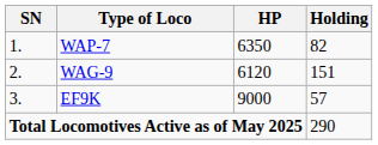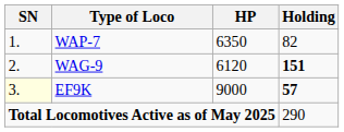 <table class="wikitable">
 <tr>
 <th>SN</th>
 <th>Type of Loco</th>
 <th>HP</th>
 <th>Holding</th>
 </tr>
 <tr>
 <td>1.</td>
 <td><a href='#'>WAP-7</a></td>
 <td>6350</td>
 <td>82</td>
 </tr>
 <tr>
 <td>2.</td>
 <td><a href='#'>WAG-9</a></td>
 <td>6120</td>
-<td>151</td>
+<td><strong>151</strong></td>
 </tr>
 <tr>
-<td>3.</td>
+<td style="background: lightyellow;">3.</td>
 <td><a href='#'>EF9K</a></td>
 <td>9000</td>
-<td>57</td>
+<td><strong>57</strong></td>
 </tr>
 <tr>
 <td colspan="3"><strong>Total Locomotives Active as of May 2025</strong></td>
 <td>290</td>
 </tr>
 </table>
